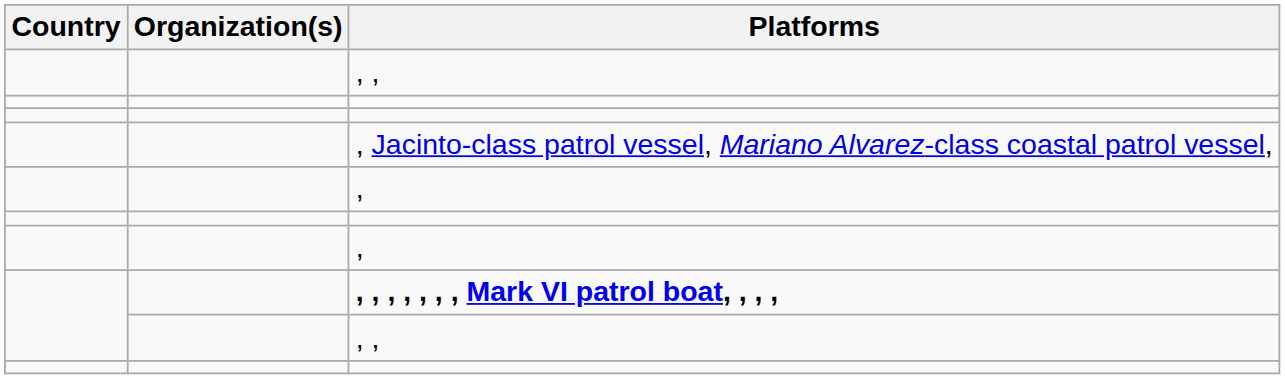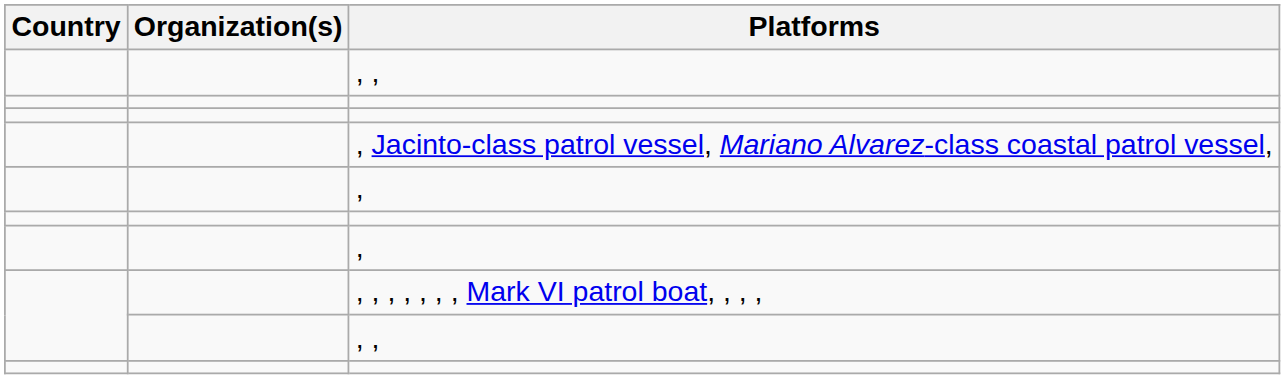 <table class="wikitable" style=";">
 <tr>
 <th>Country</th>
 <th>Organization(s)</th>
 <th>Platforms</th>
 </tr>
 <tr>
 <td></td>
 <td></td>
 <td>, , </td>
 </tr>
 <tr>
 <td></td>
 <td></td>
 <td></td>
 </tr>
 <tr>
 <td></td>
 <td></td>
 <td></td>
 </tr>
 <tr>
 <td></td>
 <td></td>
 <td>, <a href='#'>Jacinto-class patrol vessel</a>, <a href='#'><em>Mariano Alvarez</em>-class coastal patrol vessel</a>, </td>
 </tr>
 <tr>
 <td></td>
 <td></td>
 <td>, </td>
 </tr>
 <tr>
 <td></td>
 <td></td>
 <td></td>
 </tr>
 <tr>
 <td></td>
 <td></td>
 <td>, </td>
 </tr>
 <tr>
 <td rowspan="2"></td>
 <td></td>
-<td><strong>, , , , , , , <a href='#'>Mark VI patrol boat</a>, , , , </strong></td>
+<td>, , , , , , , <a href='#'>Mark VI patrol boat</a>, , , , </td>
 </tr>
 <tr>
 <td></td>
 <td>, , </td>
 </tr>
 <tr>
 <td></td>
 <td></td>
 <td></td>
 </tr>
 </table>
